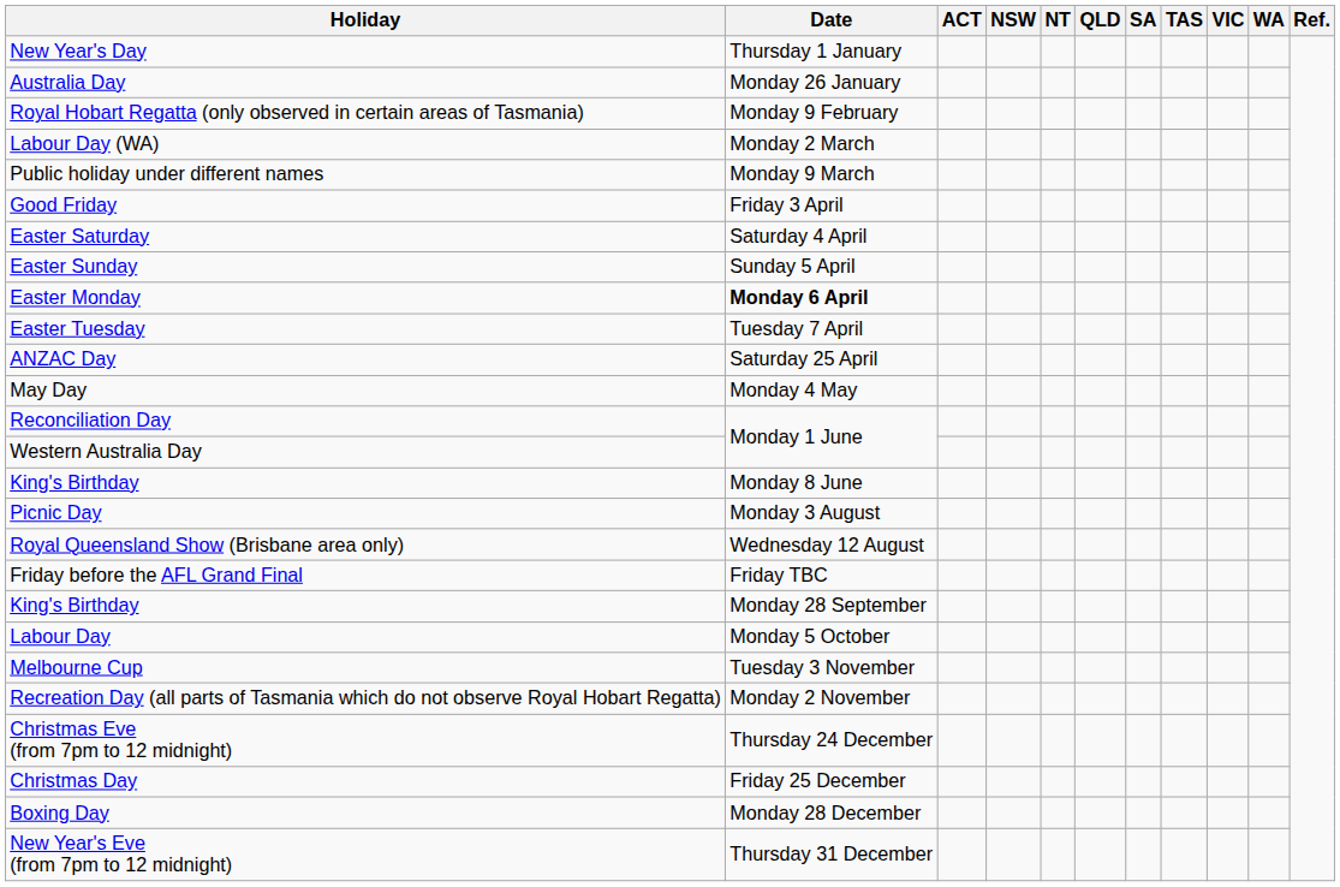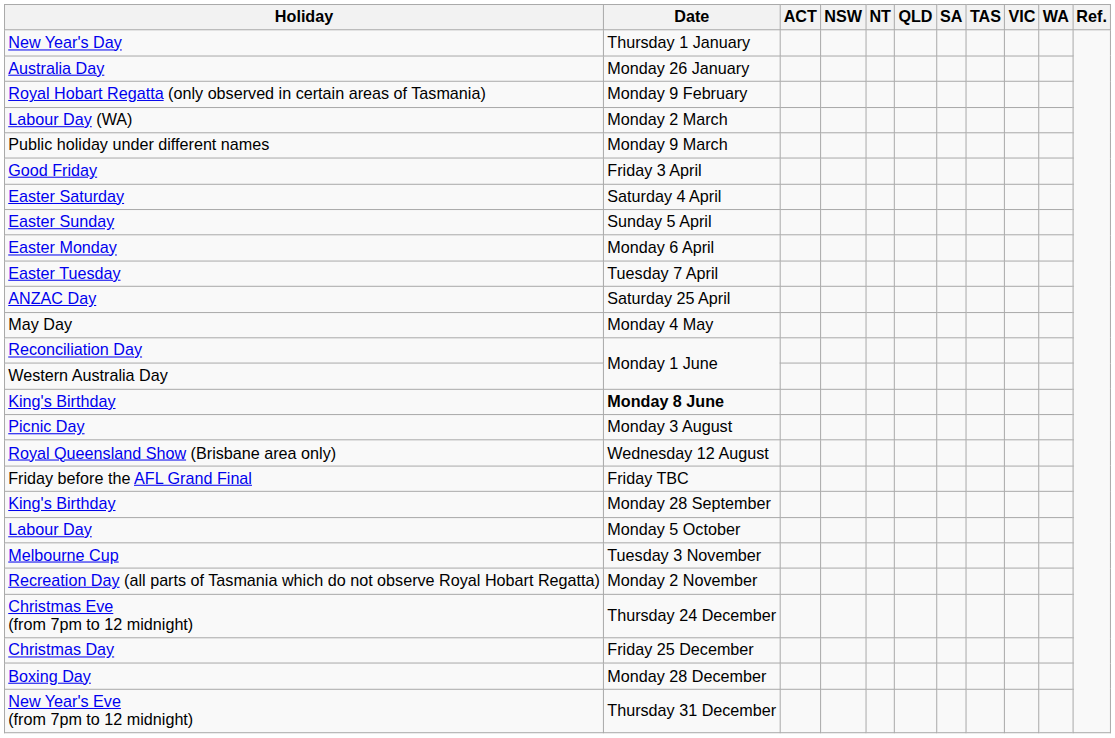 <table class="wikitable">
 <tr>
 <th>Holiday</th>
 <th>Date</th>
 <th>ACT</th>
 <th>NSW</th>
 <th>NT</th>
 <th>QLD</th>
 <th>SA</th>
 <th>TAS</th>
 <th>VIC</th>
 <th>WA</th>
 <th>Ref.</th>
 </tr>
 <tr>
 <td><a href='#'>New Year's Day</a></td>
 <td>Thursday 1 January</td>
 <td></td>
 <td></td>
 <td></td>
 <td></td>
 <td></td>
 <td></td>
 <td></td>
 <td></td>
 <td rowspan="27"></td>
 </tr>
 <tr>
 <td><a href='#'>Australia Day</a></td>
 <td>Monday 26 January</td>
 <td></td>
 <td></td>
 <td></td>
 <td></td>
 <td></td>
 <td></td>
 <td></td>
 <td></td>
 </tr>
 <tr>
 <td><a href='#'>Royal Hobart Regatta</a> (only observed in certain areas of Tasmania)</td>
 <td>Monday 9 February</td>
 <td></td>
 <td></td>
 <td></td>
 <td></td>
 <td></td>
 <td></td>
 <td></td>
 <td></td>
 </tr>
 <tr>
 <td><a href='#'>Labour Day</a> (WA)</td>
 <td>Monday 2 March</td>
 <td></td>
 <td></td>
 <td></td>
 <td></td>
 <td></td>
 <td></td>
 <td></td>
 <td></td>
 </tr>
 <tr>
 <td>Public holiday under different names</td>
 <td>Monday 9 March</td>
 <td></td>
 <td></td>
 <td></td>
 <td></td>
 <td></td>
 <td></td>
 <td></td>
 <td></td>
 </tr>
 <tr>
 <td><a href='#'>Good Friday</a></td>
 <td>Friday 3 April</td>
 <td></td>
 <td></td>
 <td></td>
 <td></td>
 <td></td>
 <td></td>
 <td></td>
 <td></td>
 </tr>
 <tr>
 <td><a href='#'>Easter Saturday</a></td>
 <td>Saturday 4 April</td>
 <td></td>
 <td></td>
 <td></td>
 <td></td>
 <td></td>
 <td></td>
 <td></td>
 <td></td>
 </tr>
 <tr>
 <td><a href='#'>Easter Sunday</a></td>
 <td>Sunday 5 April</td>
 <td></td>
 <td></td>
 <td></td>
 <td></td>
 <td></td>
 <td></td>
 <td></td>
 <td></td>
 </tr>
 <tr>
 <td><a href='#'>Easter Monday</a></td>
-<td><strong>Monday 6 April</strong></td>
+<td>Monday 6 April</td>
 <td></td>
 <td></td>
 <td></td>
 <td></td>
 <td></td>
 <td></td>
 <td></td>
 <td></td>
 </tr>
 <tr>
 <td><a href='#'>Easter Tuesday</a></td>
 <td>Tuesday 7 April</td>
 <td></td>
 <td></td>
 <td></td>
 <td></td>
 <td></td>
 <td></td>
 <td></td>
 <td></td>
 </tr>
 <tr>
 <td><a href='#'>ANZAC Day</a></td>
 <td>Saturday 25 April</td>
 <td></td>
 <td></td>
 <td></td>
 <td></td>
 <td></td>
 <td></td>
 <td></td>
 <td></td>
 </tr>
 <tr>
 <td>May Day</td>
 <td>Monday 4 May</td>
 <td></td>
 <td></td>
 <td></td>
 <td></td>
 <td></td>
 <td></td>
 <td></td>
 <td></td>
 </tr>
 <tr>
 <td><a href='#'>Reconciliation Day</a></td>
 <td rowspan=2>Monday 1 June</td>
 <td></td>
 <td></td>
 <td></td>
 <td></td>
 <td></td>
 <td></td>
 <td></td>
 <td></td>
 </tr>
 <tr>
 <td>Western Australia Day</td>
 <td></td>
 <td></td>
 <td></td>
 <td></td>
 <td></td>
 <td></td>
 <td></td>
 <td></td>
 </tr>
 <tr>
 <td><a href='#'>King's Birthday</a></td>
-<td>Monday 8 June</td>
+<td><strong>Monday 8 June</strong></td>
 <td></td>
 <td></td>
 <td></td>
 <td></td>
 <td></td>
 <td></td>
 <td></td>
 <td></td>
 </tr>
 <tr>
 <td><a href='#'>Picnic Day</a></td>
 <td>Monday 3 August</td>
 <td></td>
 <td></td>
 <td></td>
 <td></td>
 <td></td>
 <td></td>
 <td></td>
 <td></td>
 </tr>
 <tr>
 <td><a href='#'>Royal Queensland Show</a> (Brisbane area only)</td>
 <td>Wednesday 12 August</td>
 <td></td>
 <td></td>
 <td></td>
 <td></td>
 <td></td>
 <td></td>
 <td></td>
 <td></td>
 </tr>
 <tr>
 <td>Friday before the <a href='#'>AFL Grand Final</a></td>
 <td>Friday TBC</td>
 <td></td>
 <td></td>
 <td></td>
 <td></td>
 <td></td>
 <td></td>
 <td></td>
 <td></td>
 </tr>
 <tr>
 <td><a href='#'>King's Birthday</a></td>
 <td>Monday 28 September</td>
 <td></td>
 <td></td>
 <td></td>
 <td></td>
 <td></td>
 <td></td>
 <td></td>
 <td></td>
 </tr>
 <tr>
 <td><a href='#'>Labour Day</a></td>
 <td>Monday 5 October</td>
 <td></td>
 <td></td>
 <td></td>
 <td></td>
 <td></td>
 <td></td>
 <td></td>
 <td></td>
 </tr>
 <tr>
 <td><a href='#'>Melbourne Cup</a></td>
 <td>Tuesday 3 November</td>
 <td></td>
 <td></td>
 <td></td>
 <td></td>
 <td></td>
 <td></td>
 <td></td>
 <td></td>
 </tr>
 <tr>
 <td><a href='#'>Recreation Day</a> (all parts of Tasmania which do not observe Royal Hobart Regatta)</td>
 <td>Monday 2 November</td>
 <td></td>
 <td></td>
 <td></td>
 <td></td>
 <td></td>
 <td></td>
 <td></td>
 <td></td>
 </tr>
 <tr>
 <td><a href='#'>Christmas Eve</a><br>(from 7pm to 12 midnight)</td>
 <td>Thursday 24 December</td>
 <td></td>
 <td></td>
 <td></td>
 <td></td>
 <td></td>
 <td></td>
 <td></td>
 <td></td>
 </tr>
 <tr>
 <td><a href='#'>Christmas Day</a></td>
 <td>Friday 25 December</td>
 <td></td>
 <td></td>
 <td></td>
 <td></td>
 <td></td>
 <td></td>
 <td></td>
 <td></td>
 </tr>
 <tr>
 <td><a href='#'>Boxing Day</a></td>
 <td>Monday 28 December</td>
 <td></td>
 <td></td>
 <td></td>
 <td></td>
 <td></td>
 <td></td>
 <td></td>
 <td></td>
 </tr>
 <tr>
 <td><a href='#'>New Year's Eve</a><br>(from 7pm to 12 midnight)</td>
 <td>Thursday 31 December</td>
 <td></td>
 <td></td>
 <td></td>
 <td></td>
 <td></td>
 <td></td>
 <td></td>
 <td></td>
 </tr>
 </table>
